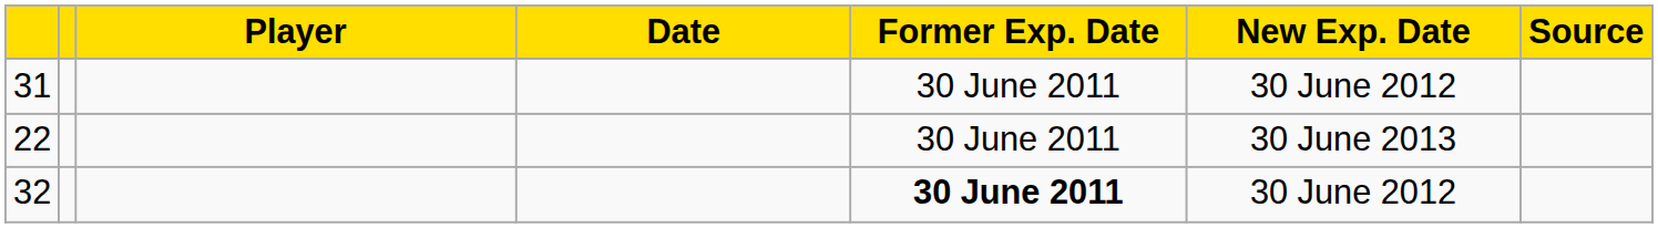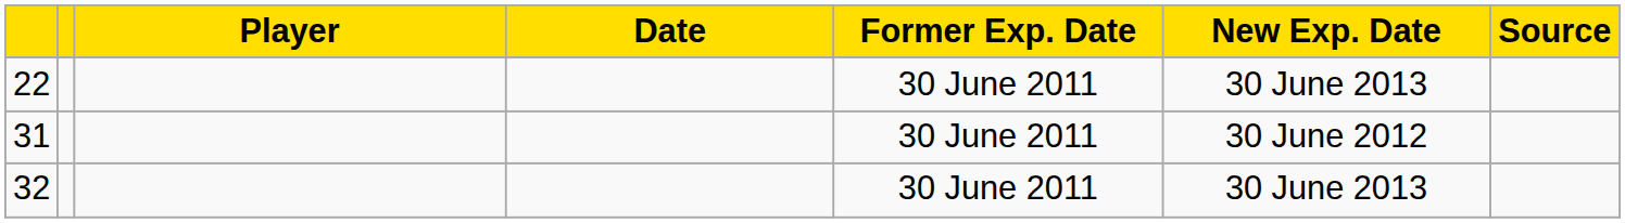 <table class="wikitable sortable">
 <tr>
 <th style="background:#FFDE00"></th>
 <th style="background:#FFDE00"></th>
 <th width=200 style="background:#FFDE00">Player</th>
 <th width=150 style="background:#FFDE00">Date</th>
 <th width=150 style="background:#FFDE00">Former Exp. Date</th>
 <th width=150 style="background:#FFDE00">New Exp. Date</th>
 <th style="background:#FFDE00">Source</th>
 </tr>
 <tr>
+<td align=center>22</td>
+<td align=center></td>
+<td></td>
+<td align=center></td>
+<td align=center>30 June 2011</td>
+<td align=center>30 June 2013</td>
+<td align=center></td>
+</tr>
+<tr>
 <td align=center>31</td>
 <td align=center></td>
 <td></td>
 <td align=center></td>
 <td align=center>30 June 2011</td>
 <td align=center>30 June 2012</td>
 <td align=center></td>
 </tr>
 <tr>
-<td align=center>22</td>
+<td align=center>32</td>
 <td align=center></td>
 <td></td>
 <td align=center></td>
 <td align=center>30 June 2011</td>
 <td align=center>30 June 2013</td>
 <td align=center></td>
 </tr>
-<tr>
-<td align=center>32</td>
-<td align=center></td>
-<td></td>
-<td align=center></td>
-<td align=center><strong>30 June 2011</strong></td>
-<td align=center>30 June 2012</td>
-<td align=center></td>
-</tr>
 </table>
